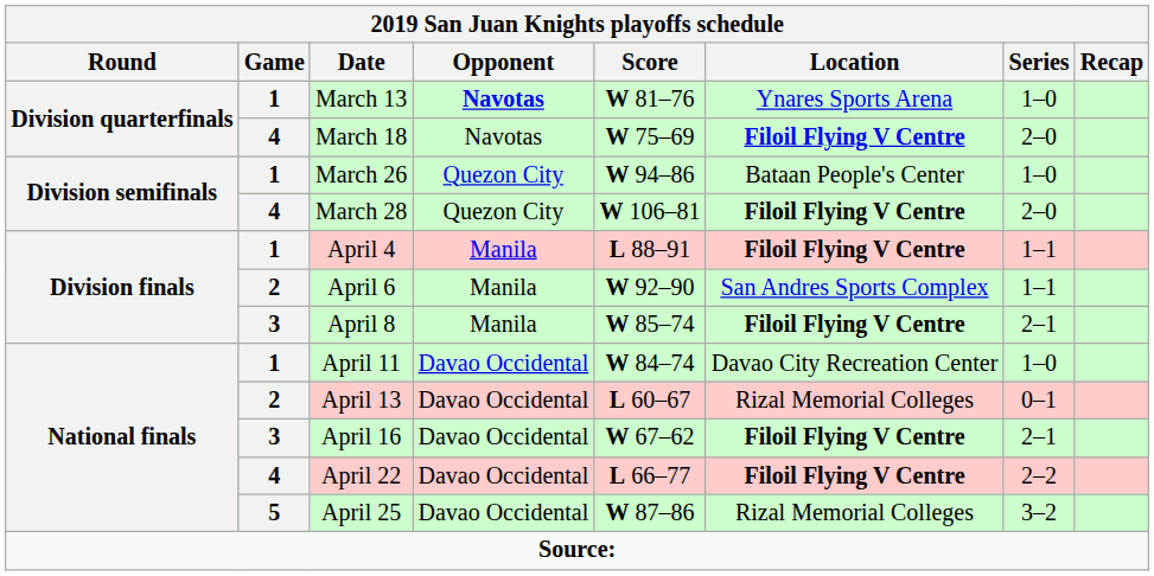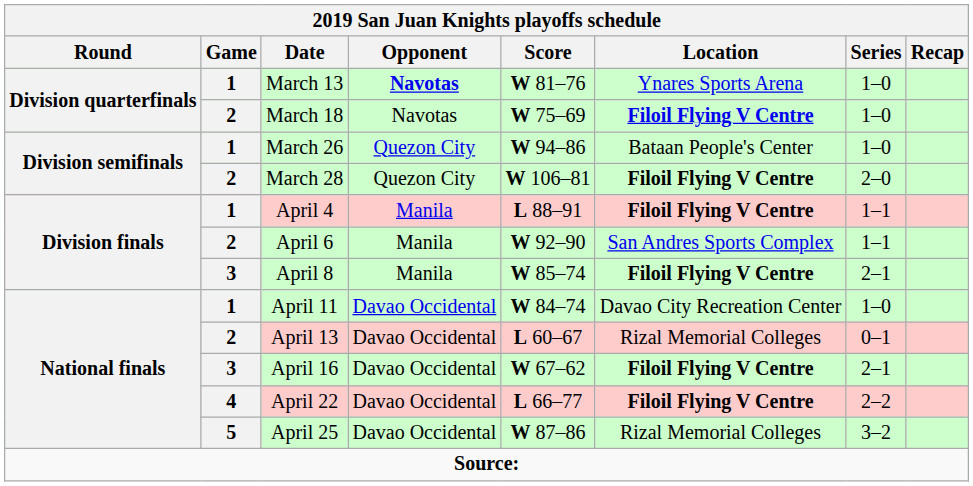 <table class="wikitable" style="text-align:center">
 <tr>
 <th colspan=8>2019 San Juan Knights playoffs schedule</th>
 </tr>
 <tr>
 <th>Round</th>
 <th>Game</th>
 <th>Date</th>
 <th>Opponent</th>
 <th>Score</th>
 <th>Location</th>
 <th>Series</th>
 <th>Recap<br></th>
 </tr>
 <tr style="background:#cfc">
 <th rowspan=2>Division quarterfinals</th>
 <th>1</th>
 <td>March 13</td>
 <td><strong><a href='#'>Navotas</a></strong></td>
 <td><strong>W</strong> 81–76</td>
 <td><a href='#'>Ynares Sports Arena</a></td>
 <td>1–0</td>
 <td></td>
 </tr>
 <tr style="background:#cfc">
-<th>4</th>
+<th>2</th>
 <td>March 18</td>
 <td>Navotas</td>
 <td><strong>W</strong> 75–69</td>
 <td><strong><a href='#'>Filoil Flying V Centre</a></strong></td>
-<td>2–0</td>
+<td>1–0</td>
 <td><br></td>
 </tr>
 <tr style="background:#cfc">
 <th rowspan=2>Division semifinals</th>
 <th>1</th>
 <td>March 26</td>
 <td><a href='#'>Quezon City</a></td>
 <td><strong>W</strong> 94–86</td>
 <td>Bataan People's Center</td>
 <td>1–0</td>
 <td></td>
 </tr>
 <tr style="background:#cfc">
-<th>4</th>
+<th>2</th>
 <td>March 28</td>
 <td>Quezon City</td>
 <td><strong>W</strong> 106–81</td>
 <td><strong>Filoil Flying V Centre</strong></td>
 <td>2–0</td>
 <td><br></td>
 </tr>
 <tr style="background:#fcc">
 <th rowspan=3>Division finals</th>
 <th>1</th>
 <td>April 4</td>
 <td><a href='#'>Manila</a></td>
 <td><strong>L</strong> 88–91</td>
 <td><strong>Filoil Flying V Centre</strong></td>
 <td>1–1</td>
 <td></td>
 </tr>
 <tr style="background:#cfc">
 <th>2</th>
 <td>April 6</td>
 <td>Manila</td>
 <td><strong>W</strong> 92–90</td>
 <td><a href='#'>San Andres Sports Complex</a></td>
 <td>1–1</td>
 <td></td>
 </tr>
 <tr style="background:#cfc">
 <th>3</th>
 <td>April 8</td>
 <td>Manila</td>
 <td><strong>W</strong> 85–74</td>
 <td><strong>Filoil Flying V Centre</strong></td>
 <td>2–1</td>
 <td><br></td>
 </tr>
 <tr style="background:#cfc">
 <th rowspan=5>National finals</th>
 <th>1</th>
 <td>April 11</td>
 <td><a href='#'>Davao Occidental</a></td>
 <td><strong>W</strong> 84–74</td>
 <td>Davao City Recreation Center</td>
 <td>1–0</td>
 <td></td>
 </tr>
 <tr style="background:#fcc">
 <th>2</th>
 <td>April 13</td>
 <td>Davao Occidental</td>
 <td><strong>L</strong> 60–67</td>
 <td>Rizal Memorial Colleges</td>
 <td>0–1</td>
 <td></td>
 </tr>
 <tr style="background:#cfc">
 <th>3</th>
 <td>April 16</td>
 <td>Davao Occidental</td>
 <td><strong>W</strong> 67–62</td>
 <td><strong>Filoil Flying V Centre</strong></td>
 <td>2–1</td>
 <td></td>
 </tr>
 <tr style="background:#fcc">
 <th>4</th>
 <td>April 22</td>
 <td>Davao Occidental</td>
 <td><strong>L</strong> 66–77</td>
 <td><strong>Filoil Flying V Centre</strong></td>
 <td>2–2</td>
 <td></td>
 </tr>
 <tr style="background:#cfc">
 <th>5</th>
 <td>April 25</td>
 <td>Davao Occidental</td>
 <td><strong>W</strong> 87–86</td>
 <td>Rizal Memorial Colleges</td>
 <td>3–2</td>
 <td></td>
 </tr>
 <tr>
 <td colspan=8 align=center><strong>Source: </strong></td>
 </tr>
 </table>
